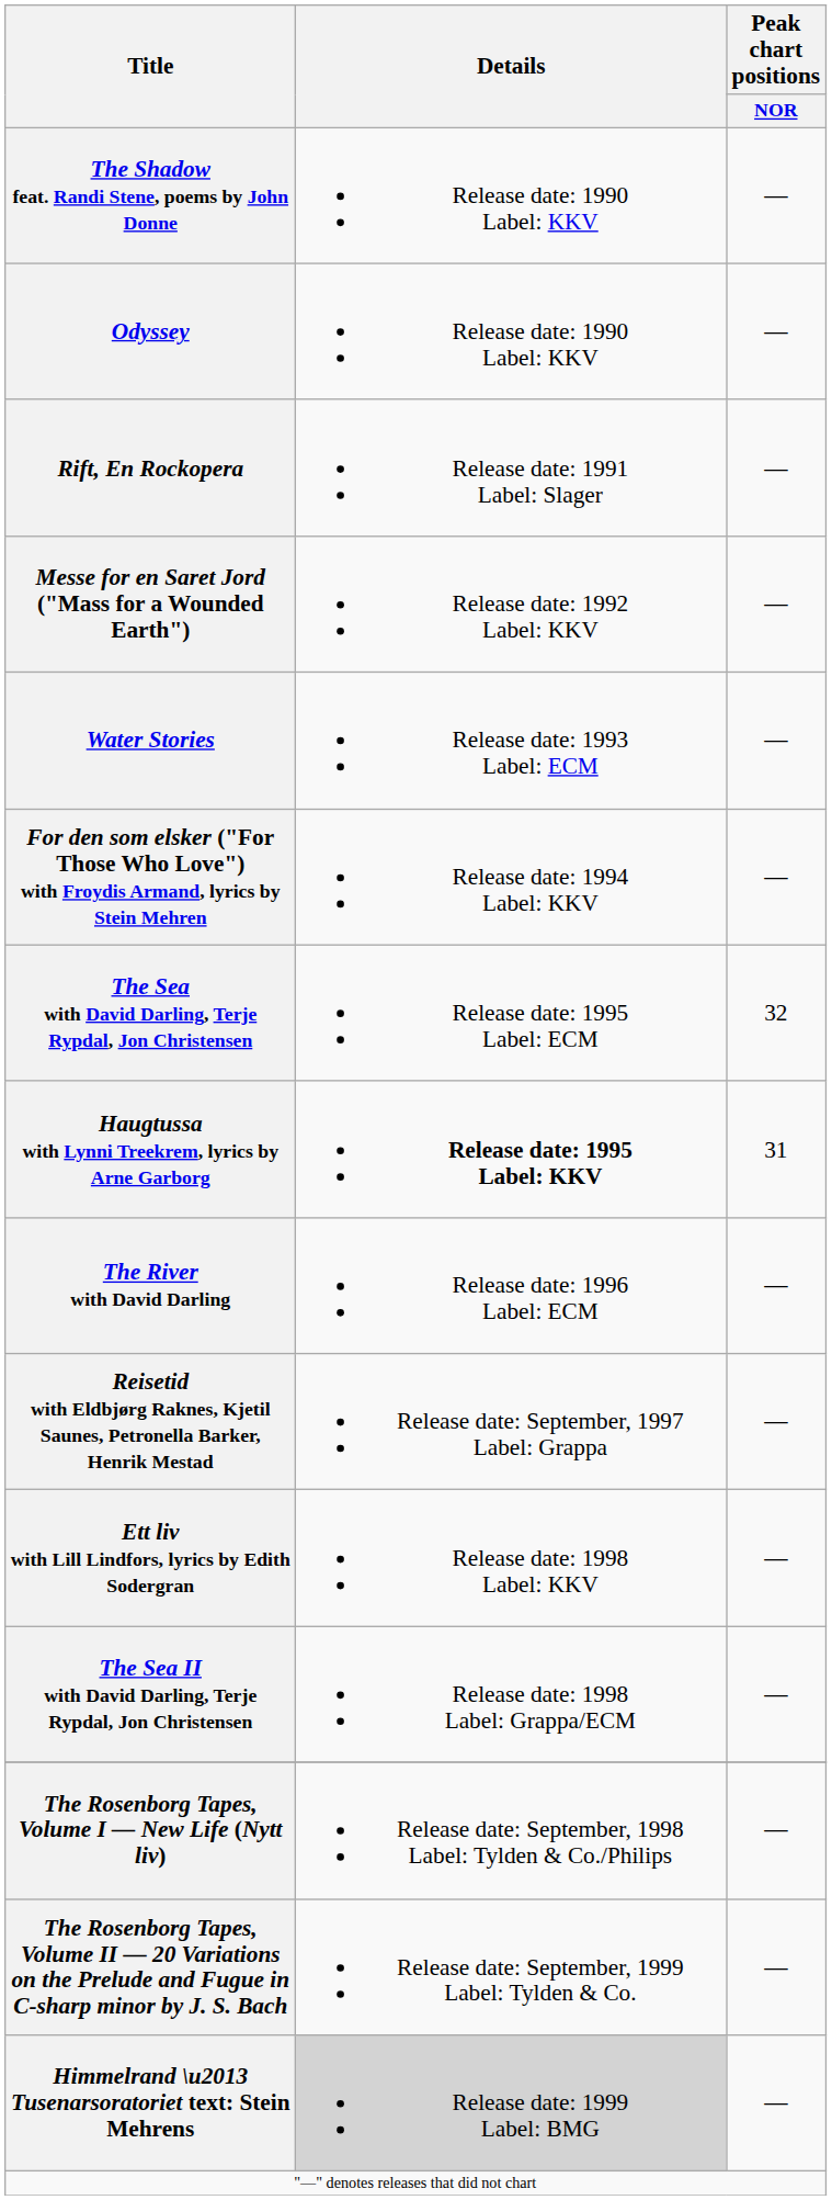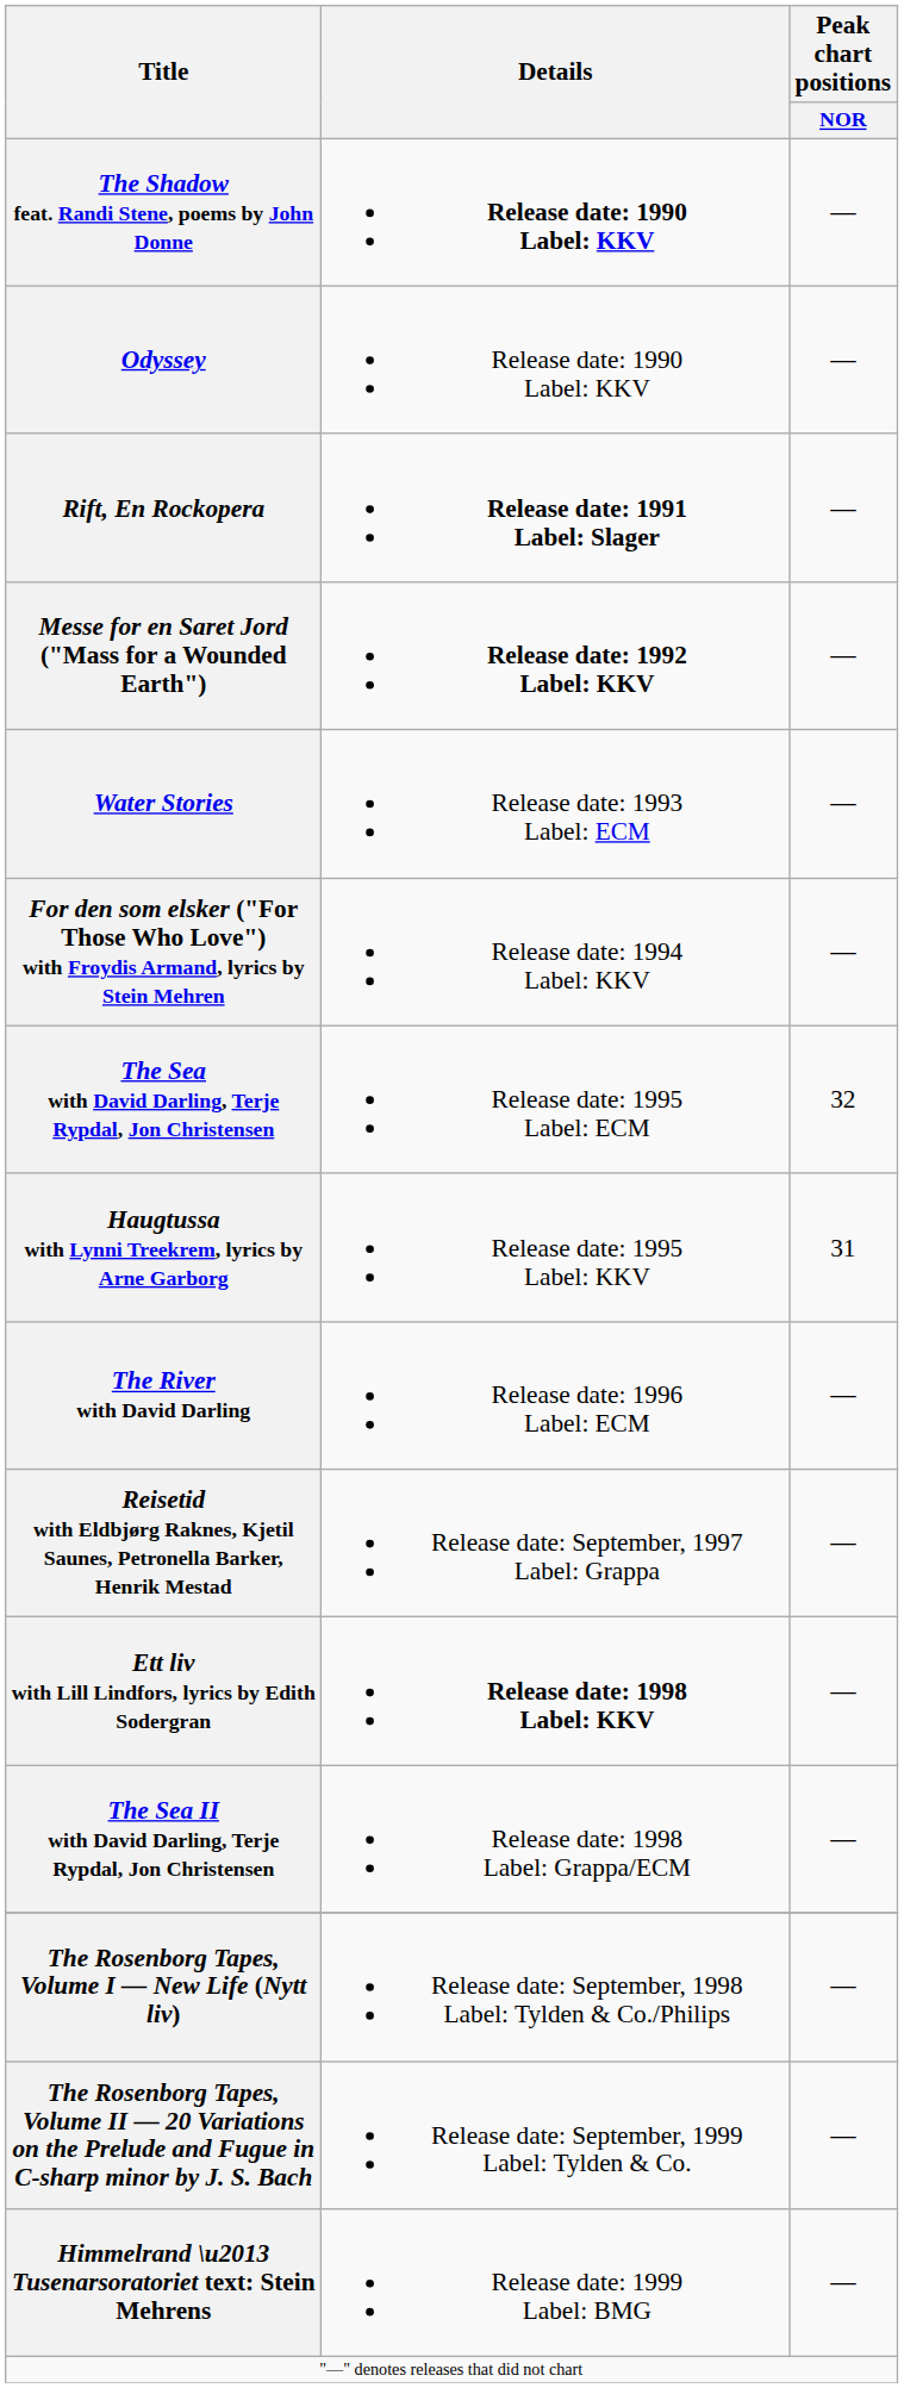 <table class="wikitable plainrowheaders" style="text-align:center;">
 <tr>
 <th rowspan="2" style="width:12em;">Title</th>
 <th rowspan="2" style="width:18em;">Details</th>
 <th>Peak chart positions</th>
 </tr>
 <tr style="font-size:smaller;">
 <th style="width:4em;"><a href='#'>NOR</a><br></th>
 </tr>
 <tr>
 <th scope="row"><em><a href='#'>The Shadow</a></em> <br> <small>feat. <a href='#'>Randi Stene</a>, poems by <a href='#'>John Donne</a> </small></th>
-<td><br><ul><li>Release date: 1990</li><li>Label: <a href='#'>KKV</a></li></ul></td>
+<td><strong><br><ul><li>Release date: 1990</li><li>Label: <a href='#'>KKV</a></li></ul></strong></td>
 <td>—</td>
 </tr>
 <tr>
 <th scope="row"><em><a href='#'>Odyssey</a></em></th>
 <td><br><ul><li>Release date: 1990</li><li>Label: KKV</li></ul></td>
 <td>—</td>
 </tr>
 <tr>
 <th scope="row"><em>Rift,  En Rockopera</em></th>
-<td><br><ul><li>Release date: 1991</li><li>Label: Slager</li></ul></td>
+<td><strong><br><ul><li>Release date: 1991</li><li>Label: Slager</li></ul></strong></td>
 <td>—</td>
 </tr>
 <tr>
 <th scope="row"><em>Messe for en Saret Jord</em> ("Mass for a Wounded Earth")</th>
-<td><br><ul><li>Release date: 1992</li><li>Label: KKV</li></ul></td>
+<td><strong><br><ul><li>Release date: 1992</li><li>Label: KKV</li></ul></strong></td>
 <td>—</td>
 </tr>
 <tr>
 <th scope="row"><em><a href='#'>Water Stories</a></em></th>
 <td><br><ul><li>Release date: 1993</li><li>Label: <a href='#'>ECM</a></li></ul></td>
 <td>—</td>
 </tr>
 <tr>
 <th scope="row"><em>For den som elsker</em> ("For Those Who Love") <br><small>with <a href='#'>Froydis Armand</a>, lyrics by <a href='#'>Stein Mehren</a></small></th>
 <td><br><ul><li>Release date: 1994</li><li>Label: KKV</li></ul></td>
 <td>—</td>
 </tr>
 <tr>
 <th scope="row"><em><a href='#'>The Sea</a></em>  <br><small>with <a href='#'>David Darling</a>, <a href='#'>Terje Rypdal</a>, <a href='#'>Jon Christensen</a></small></th>
 <td><br><ul><li>Release date: 1995</li><li>Label: ECM</li></ul></td>
 <td>32</td>
 </tr>
 <tr>
 <th scope="row"><em>Haugtussa</em> <br><small> with <a href='#'>Lynni Treekrem</a>, lyrics by <a href='#'>Arne Garborg</a> </small></th>
-<td><strong><br><ul><li>Release date: 1995</li><li>Label: KKV</li></ul></strong></td>
+<td><br><ul><li>Release date: 1995</li><li>Label: KKV</li></ul></td>
 <td>31</td>
 </tr>
 <tr>
 <th scope="row"><em><a href='#'>The River</a></em> <br><small> with David Darling</small></th>
 <td><br><ul><li>Release date: 1996</li><li>Label: ECM</li></ul></td>
 <td>—</td>
 </tr>
 <tr>
 <th scope="row"><em>Reisetid</em> <br><small> with Eldbjørg Raknes, Kjetil Saunes, Petronella Barker, Henrik Mestad</small></th>
 <td><br><ul><li>Release date: September, 1997</li><li>Label: Grappa</li></ul></td>
 <td>—</td>
 </tr>
 <tr>
 <th scope="row"><em>Ett liv</em><br><small> with Lill Lindfors, lyrics by Edith Sodergran</small></th>
-<td><br><ul><li>Release date: 1998</li><li>Label: KKV</li></ul></td>
+<td><strong><br><ul><li>Release date: 1998</li><li>Label: KKV</li></ul></strong></td>
 <td>—</td>
 </tr>
 <tr>
 <th scope="row"><em><a href='#'>The Sea II</a></em><br><small> with David Darling, Terje Rypdal, Jon Christensen</small></th>
 <td><br><ul><li>Release date: 1998</li><li>Label: Grappa/ECM</li></ul></td>
 <td>—</td>
 </tr>
 <tr>
 </tr>
 <tr>
 <th scope="row"><em>The Rosenborg Tapes, Volume I — New Life</em> (<em>Nytt liv</em>)</th>
 <td><br><ul><li>Release date: September, 1998</li><li>Label: Tylden & Co./Philips</li></ul></td>
 <td>—</td>
 </tr>
 <tr>
 <th scope="row"><em>The Rosenborg Tapes, Volume II — 20 Variations on the Prelude and Fugue in C-sharp minor by J. S. Bach</em></th>
 <td><br><ul><li>Release date: September, 1999</li><li>Label: Tylden & Co.</li></ul></td>
 <td>—</td>
 </tr>
 <tr>
 <th scope="row"><em>Himmelrand \u2013 Tusenarsoratoriet</em> text: Stein Mehrens</th>
-<td style="background: lightgrey;"><br><ul><li>Release date: 1999</li><li>Label: BMG</li></ul></td>
+<td><br><ul><li>Release date: 1999</li><li>Label: BMG</li></ul></td>
 <td>—</td>
 </tr>
 <tr>
 <td colspan="4" style="font-size:8pt">"—" denotes releases that did not chart</td>
 </tr>
 </table>
